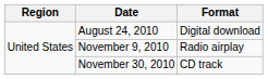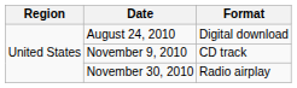 <table class="wikitable">
 <tr>
 <th>Region</th>
 <th>Date</th>
 <th>Format</th>
 </tr>
 <tr>
 <td rowspan="3">United States</td>
 <td>August 24, 2010</td>
 <td>Digital download</td>
 </tr>
 <tr>
 <td>November 9, 2010</td>
-<td>Radio airplay</td>
+<td>CD track</td>
 </tr>
 <tr>
 <td>November 30, 2010 </td>
-<td>CD track</td>
+<td>Radio airplay</td>
 </tr>
 </table>
